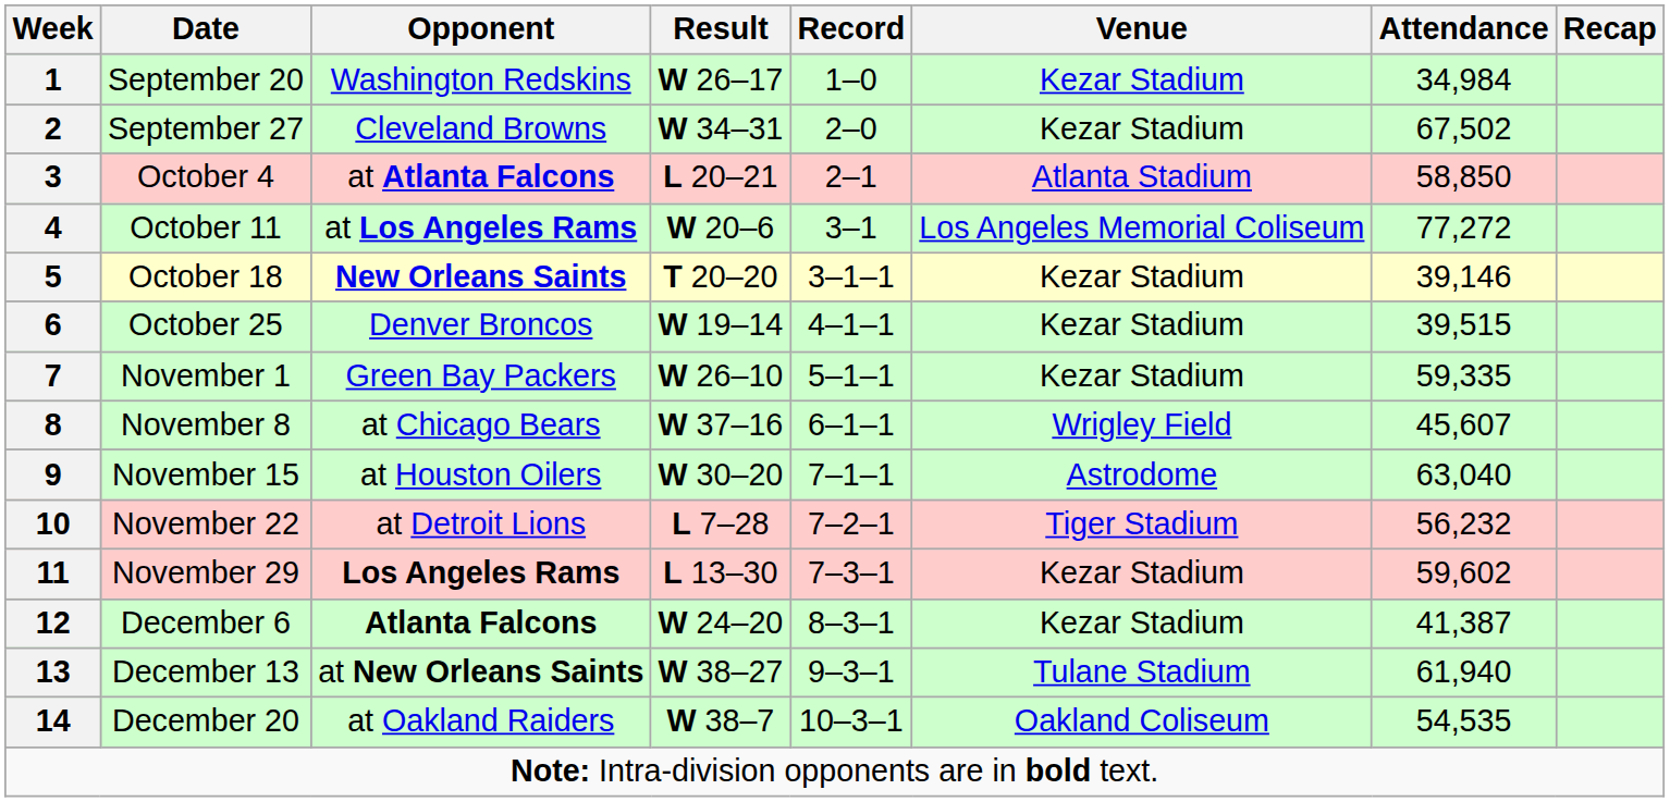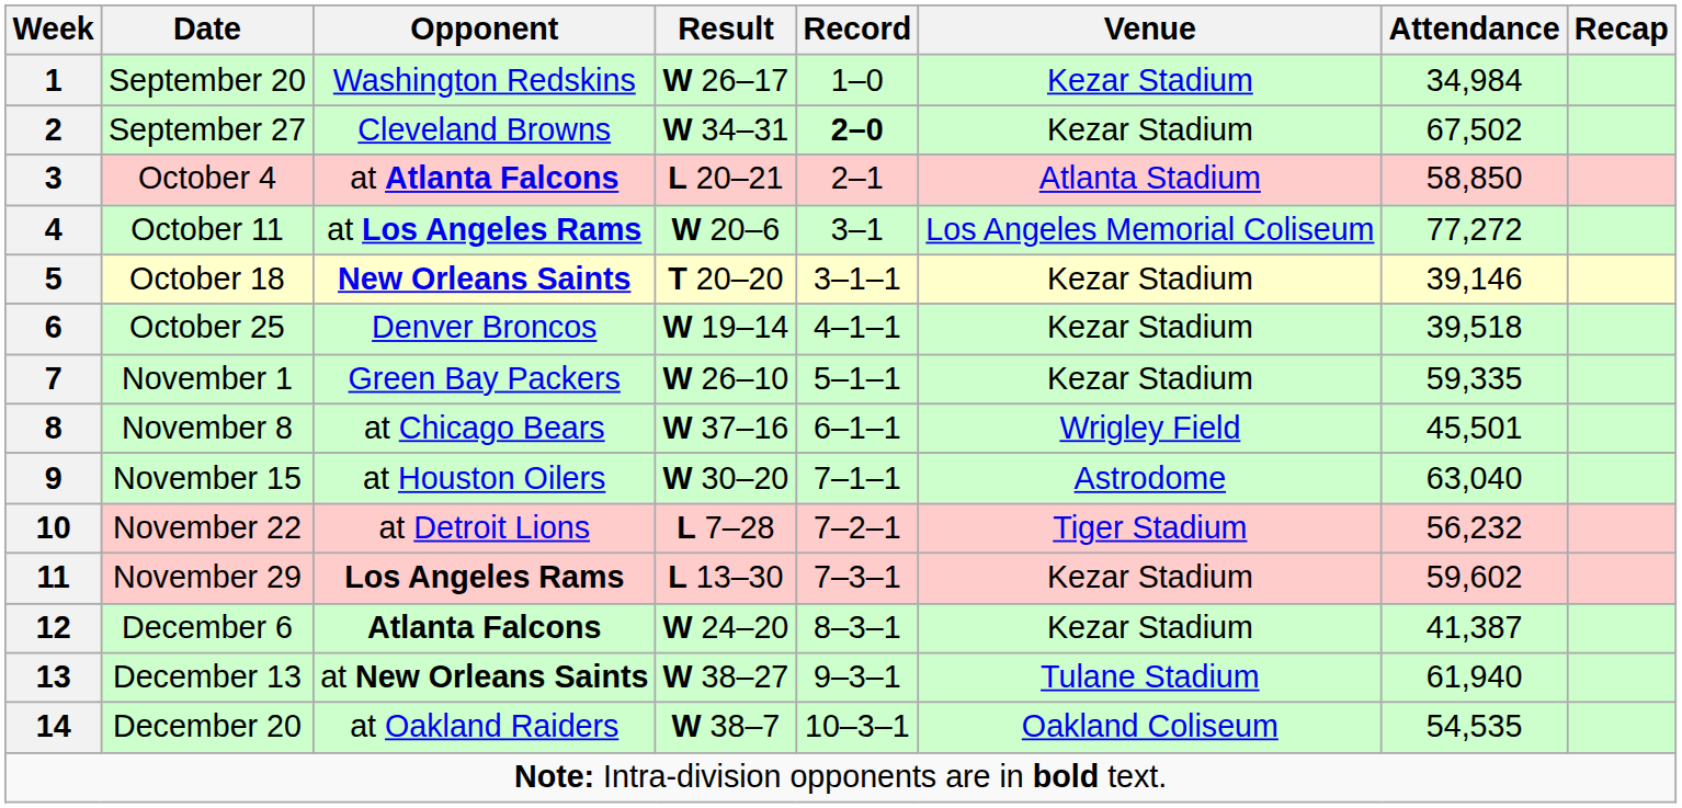 <table class="wikitable" style="text-align:center">
 <tr>
 <th>Week</th>
 <th>Date</th>
 <th>Opponent</th>
 <th>Result</th>
 <th>Record</th>
 <th>Venue</th>
 <th>Attendance</th>
 <th>Recap</th>
 </tr>
 <tr style="background:#cfc">
 <th>1</th>
 <td>September 20</td>
 <td><a href='#'>Washington Redskins</a></td>
 <td><strong>W</strong> 26–17</td>
 <td>1–0</td>
 <td><a href='#'>Kezar Stadium</a></td>
 <td>34,984</td>
 <td></td>
 </tr>
 <tr style="background:#cfc">
 <th>2</th>
 <td>September 27</td>
 <td><a href='#'>Cleveland Browns</a></td>
 <td><strong>W</strong> 34–31</td>
-<td>2–0</td>
+<td><strong>2–0</strong></td>
 <td>Kezar Stadium</td>
 <td>67,502</td>
 <td></td>
 </tr>
 <tr style="background:#fcc">
 <th>3</th>
 <td>October 4</td>
 <td>at <strong><a href='#'>Atlanta Falcons</a></strong></td>
 <td><strong>L</strong> 20–21</td>
 <td>2–1</td>
 <td><a href='#'>Atlanta Stadium</a></td>
 <td>58,850</td>
 <td></td>
 </tr>
 <tr style="background:#cfc">
 <th>4</th>
 <td>October 11</td>
 <td>at <strong><a href='#'>Los Angeles Rams</a></strong></td>
 <td><strong>W</strong> 20–6</td>
 <td>3–1</td>
 <td><a href='#'>Los Angeles Memorial Coliseum</a></td>
 <td>77,272</td>
 <td></td>
 </tr>
 <tr style="background:#ffc">
 <th>5</th>
 <td>October 18</td>
 <td><strong><a href='#'>New Orleans Saints</a></strong></td>
 <td><strong>T</strong> 20–20</td>
 <td>3–1–1</td>
 <td>Kezar Stadium</td>
 <td>39,146</td>
 <td></td>
 </tr>
 <tr style="background:#cfc">
 <th>6</th>
 <td>October 25</td>
 <td><a href='#'>Denver Broncos</a></td>
 <td><strong>W</strong> 19–14</td>
 <td>4–1–1</td>
 <td>Kezar Stadium</td>
-<td>39,515</td>
+<td>39,518</td>
 <td></td>
 </tr>
 <tr style="background:#cfc">
 <th>7</th>
 <td>November 1</td>
 <td><a href='#'>Green Bay Packers</a></td>
 <td><strong>W</strong> 26–10</td>
 <td>5–1–1</td>
 <td>Kezar Stadium</td>
 <td>59,335</td>
 <td></td>
 </tr>
 <tr style="background:#cfc">
 <th>8</th>
 <td>November 8</td>
 <td>at <a href='#'>Chicago Bears</a></td>
 <td><strong>W</strong> 37–16</td>
 <td>6–1–1</td>
 <td><a href='#'>Wrigley Field</a></td>
-<td>45,607</td>
+<td>45,501</td>
 <td></td>
 </tr>
 <tr style="background:#cfc">
 <th>9</th>
 <td>November 15</td>
 <td>at <a href='#'>Houston Oilers</a></td>
 <td><strong>W</strong> 30–20</td>
 <td>7–1–1</td>
 <td><a href='#'>Astrodome</a></td>
 <td>63,040</td>
 <td></td>
 </tr>
 <tr style="background:#fcc;">
 <th>10</th>
 <td>November 22</td>
 <td>at <a href='#'>Detroit Lions</a></td>
 <td><strong>L</strong> 7–28</td>
 <td>7–2–1</td>
 <td><a href='#'>Tiger Stadium</a></td>
 <td>56,232</td>
 <td></td>
 </tr>
 <tr style="background:#fcc">
 <th>11</th>
 <td>November 29</td>
 <td><strong>Los Angeles Rams</strong></td>
 <td><strong>L</strong> 13–30</td>
 <td>7–3–1</td>
 <td>Kezar Stadium</td>
 <td>59,602</td>
 <td></td>
 </tr>
 <tr style="background:#cfc">
 <th>12</th>
 <td>December 6</td>
 <td><strong>Atlanta Falcons</strong></td>
 <td><strong>W</strong> 24–20</td>
 <td>8–3–1</td>
 <td>Kezar Stadium</td>
 <td>41,387</td>
 <td></td>
 </tr>
 <tr style="background:#cfc">
 <th>13</th>
 <td>December 13</td>
 <td>at <strong>New Orleans Saints</strong></td>
 <td><strong>W</strong> 38–27</td>
 <td>9–3–1</td>
 <td><a href='#'>Tulane Stadium</a></td>
 <td>61,940</td>
 <td></td>
 </tr>
 <tr style="background:#cfc">
 <th>14</th>
 <td>December 20</td>
 <td>at <a href='#'>Oakland Raiders</a></td>
 <td><strong>W</strong> 38–7</td>
 <td>10–3–1</td>
 <td><a href='#'>Oakland Coliseum</a></td>
 <td>54,535</td>
 <td></td>
 </tr>
 <tr>
 <td colspan="8"><strong>Note:</strong> Intra-division opponents are in <strong>bold</strong> text.</td>
 </tr>
 </table>
